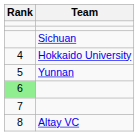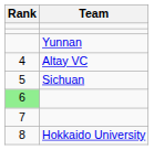 <table class="wikitable" style="text-align: center;">
 <tr>
 <th width=40>Rank</th>
 <th>Team</th>
 </tr>
 <tr bgcolor=>
 <td></td>
 <td align=left></td>
 </tr>
 <tr>
 <td></td>
 <td align=left></td>
 </tr>
 <tr>
 <td></td>
-<td align=left> <a href='#'>Sichuan</a></td>
+<td align=left> <a href='#'>Yunnan</a></td>
 </tr>
 <tr>
 <td>4</td>
-<td align=left> <a href='#'>Hokkaido University</a></td>
+<td align=left> <a href='#'>Altay VC</a></td>
 </tr>
 <tr>
 <td>5</td>
-<td align=left> <a href='#'>Yunnan</a></td>
+<td align=left> <a href='#'>Sichuan</a></td>
 </tr>
 <tr>
 <td style="background: lightgreen;">6</td>
 <td align=left></td>
 </tr>
 <tr>
 <td>7</td>
 <td align=left></td>
 </tr>
 <tr>
 <td>8</td>
-<td align=left> <a href='#'>Altay VC</a></td>
+<td align=left> <a href='#'>Hokkaido University</a></td>
 </tr>
 </table>
